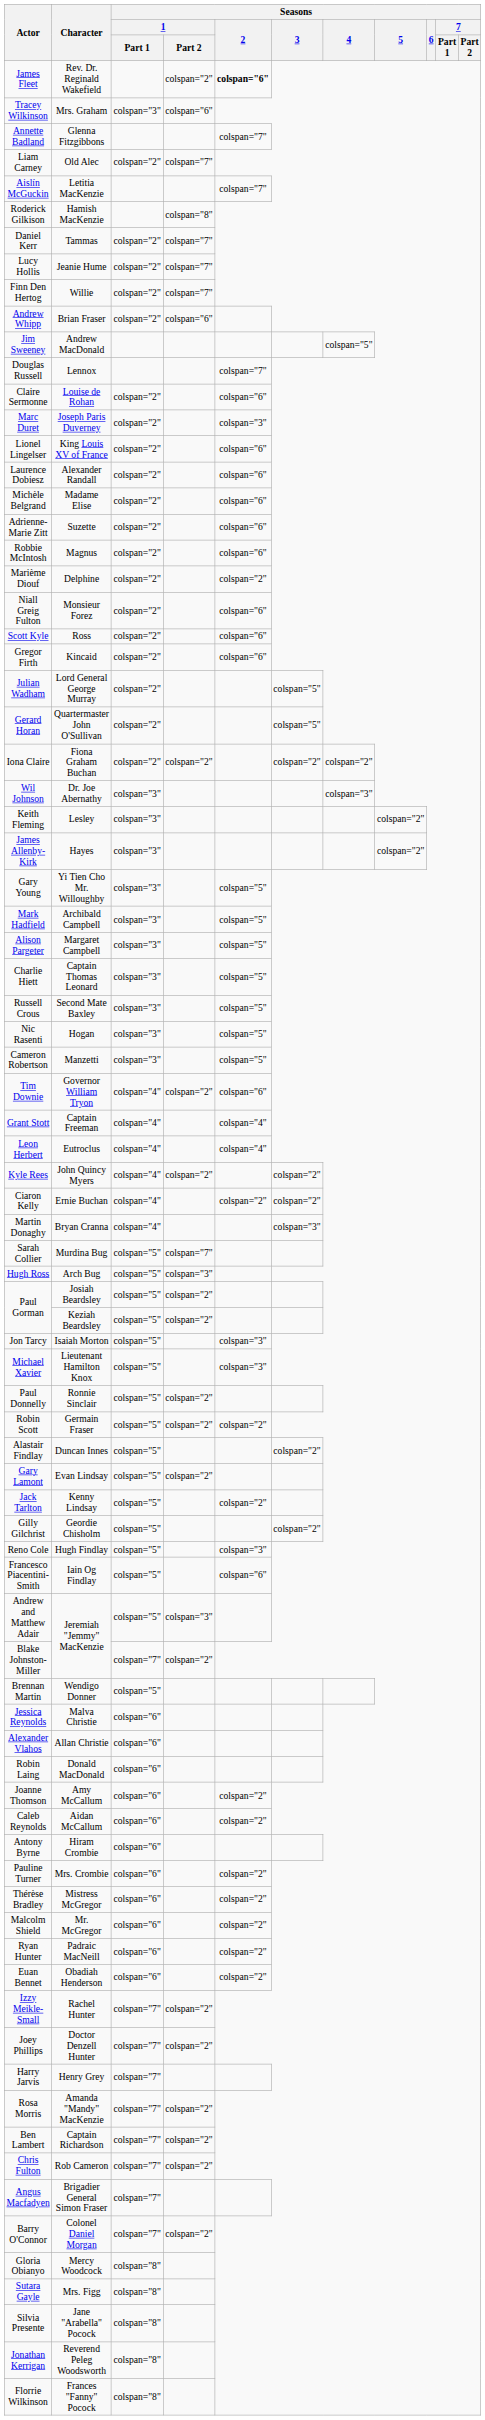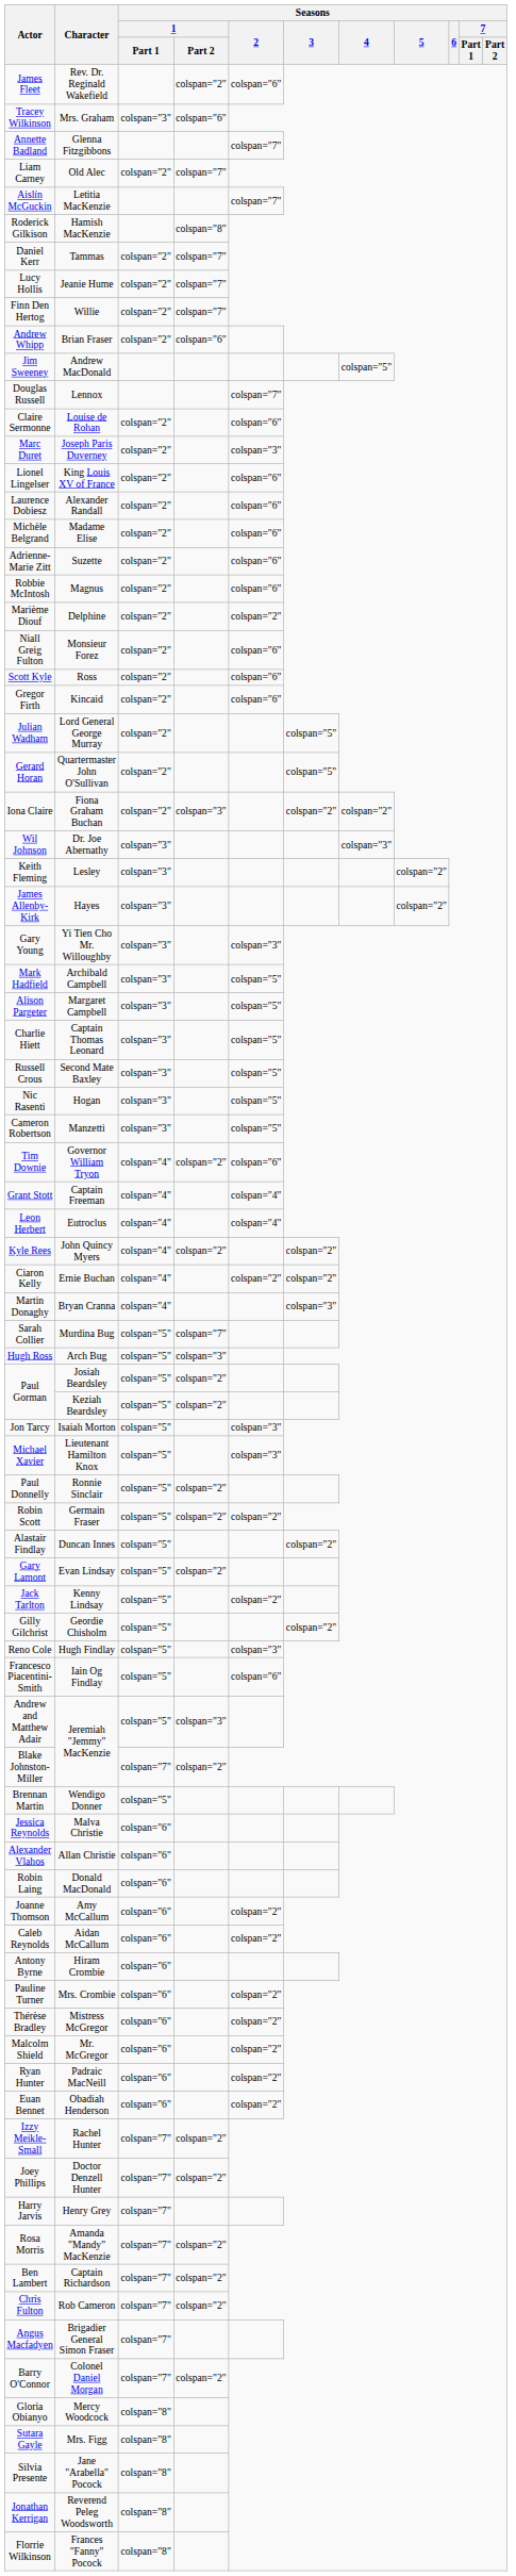 <table class="wikitable" style="text-align:center; width:85%;">
 <tr>
 <th rowspan="3" style="width:17%;">Actor</th>
 <th rowspan="3" style="width:20%;">Character</th>
 <th colspan="9">Seasons</th>
 </tr>
 <tr>
 <th colspan="2" style="width:14%;"><a href='#'>1</a></th>
 <th rowspan="2" style="width:7%;"><a href='#'>2</a></th>
 <th rowspan="2" style="width:7%;"><a href='#'>3</a></th>
 <th rowspan="2" style="width:7%;"><a href='#'>4</a></th>
 <th rowspan="2" style="width:7%;"><a href='#'>5</a></th>
 <th rowspan="2" style="width:7%;"><a href='#'>6</a></th>
 <th colspan="2" style="width:14%;"><a href='#'>7</a></th>
 </tr>
 <tr>
 <th style="width:7%">Part 1</th>
 <th style="width:7%">Part 2</th>
 <th style="width:7%">Part 1</th>
 <th style="width:7%">Part 2</th>
 </tr>
 <tr>
 <td><a href='#'>James Fleet</a></td>
 <td>Rev. Dr. Reginald Wakefield</td>
 <td></td>
 <td>colspan="2" </td>
-<td><strong>colspan="6" </strong></td>
+<td>colspan="6" </td>
 </tr>
 <tr>
 <td><a href='#'>Tracey Wilkinson</a></td>
 <td>Mrs. Graham</td>
 <td>colspan="3" </td>
 <td>colspan="6" </td>
 </tr>
 <tr>
 <td><a href='#'>Annette Badland</a></td>
 <td>Glenna Fitzgibbons</td>
 <td></td>
 <td></td>
 <td>colspan="7" </td>
 </tr>
 <tr>
 <td>Liam Carney</td>
 <td>Old Alec</td>
 <td>colspan="2" </td>
 <td>colspan="7" </td>
 </tr>
 <tr>
 <td><a href='#'>Aislín McGuckin</a></td>
 <td>Letitia MacKenzie</td>
 <td></td>
 <td></td>
 <td>colspan="7" </td>
 </tr>
 <tr>
 <td>Roderick Gilkison</td>
 <td>Hamish MacKenzie</td>
 <td></td>
 <td>colspan="8" </td>
 </tr>
 <tr>
 <td>Daniel Kerr</td>
 <td>Tammas</td>
 <td>colspan="2" </td>
 <td>colspan="7" </td>
 </tr>
 <tr>
 <td>Lucy Hollis</td>
 <td>Jeanie Hume</td>
 <td>colspan="2" </td>
 <td>colspan="7" </td>
 </tr>
 <tr>
 <td>Finn Den Hertog</td>
 <td>Willie</td>
 <td>colspan="2" </td>
 <td>colspan="7" </td>
 </tr>
 <tr>
 <td><a href='#'>Andrew Whipp</a></td>
 <td>Brian Fraser</td>
 <td>colspan="2" </td>
 <td>colspan="6" </td>
 <td></td>
 </tr>
 <tr>
 <td><a href='#'>Jim Sweeney</a></td>
 <td>Andrew MacDonald</td>
 <td></td>
 <td></td>
 <td></td>
 <td></td>
 <td>colspan="5" </td>
 </tr>
 <tr>
 <td>Douglas Russell</td>
 <td>Lennox</td>
 <td></td>
 <td></td>
 <td>colspan="7" </td>
 </tr>
 <tr>
 <td>Claire Sermonne</td>
 <td><a href='#'>Louise de Rohan</a></td>
 <td>colspan="2" </td>
 <td></td>
 <td>colspan="6" </td>
 </tr>
 <tr>
 <td><a href='#'>Marc Duret</a></td>
 <td><a href='#'>Joseph Paris Duverney</a></td>
 <td>colspan="2" </td>
 <td></td>
 <td>colspan="3" </td>
 </tr>
 <tr>
 <td>Lionel Lingelser</td>
 <td>King <a href='#'>Louis XV of France</a></td>
 <td>colspan="2" </td>
 <td></td>
 <td>colspan="6" </td>
 </tr>
 <tr>
 <td>Laurence Dobiesz</td>
 <td>Alexander Randall</td>
 <td>colspan="2" </td>
 <td></td>
 <td>colspan="6" </td>
 </tr>
 <tr>
 <td>Michèle Belgrand</td>
 <td>Madame Elise</td>
 <td>colspan="2" </td>
 <td></td>
 <td>colspan="6" </td>
 </tr>
 <tr>
 <td>Adrienne-Marie Zitt</td>
 <td>Suzette</td>
 <td>colspan="2" </td>
 <td></td>
 <td>colspan="6" </td>
 </tr>
 <tr>
 <td>Robbie McIntosh</td>
 <td>Magnus</td>
 <td>colspan="2" </td>
 <td></td>
 <td>colspan="6" </td>
 </tr>
 <tr>
 <td>Marième Diouf</td>
 <td>Delphine</td>
 <td>colspan="2" </td>
 <td></td>
 <td>colspan="2" </td>
 </tr>
 <tr>
 <td>Niall Greig Fulton</td>
 <td>Monsieur Forez</td>
 <td>colspan="2" </td>
 <td></td>
 <td>colspan="6" </td>
 </tr>
 <tr>
 <td><a href='#'>Scott Kyle</a></td>
 <td>Ross</td>
 <td>colspan="2" </td>
 <td></td>
 <td>colspan="6" </td>
 </tr>
 <tr>
 <td>Gregor Firth</td>
 <td>Kincaid</td>
 <td>colspan="2" </td>
 <td></td>
 <td>colspan="6" </td>
 </tr>
 <tr>
 <td><a href='#'>Julian Wadham</a></td>
 <td>Lord General George Murray</td>
 <td>colspan="2" </td>
 <td></td>
 <td></td>
 <td>colspan="5" </td>
 </tr>
 <tr>
 <td><a href='#'>Gerard Horan</a></td>
 <td>Quartermaster John O'Sullivan</td>
 <td>colspan="2" </td>
 <td></td>
 <td></td>
 <td>colspan="5" </td>
 </tr>
 <tr>
 <td>Iona Claire</td>
 <td>Fiona Graham Buchan</td>
 <td>colspan="2" </td>
-<td>colspan="2" </td>
+<td>colspan="3" </td>
 <td></td>
 <td>colspan="2" </td>
 <td>colspan="2" </td>
 </tr>
 <tr>
 <td><a href='#'>Wil Johnson</a></td>
 <td>Dr. Joe Abernathy</td>
 <td>colspan="3" </td>
 <td></td>
 <td></td>
 <td></td>
 <td>colspan="3" </td>
 </tr>
 <tr>
 <td>Keith Fleming</td>
 <td>Lesley</td>
 <td>colspan="3" </td>
 <td></td>
 <td></td>
 <td></td>
 <td></td>
 <td>colspan="2" </td>
 </tr>
 <tr>
 <td><a href='#'>James Allenby-Kirk</a></td>
 <td>Hayes</td>
 <td>colspan="3" </td>
 <td></td>
 <td></td>
 <td></td>
 <td></td>
 <td>colspan="2" </td>
 </tr>
 <tr>
 <td>Gary Young</td>
 <td>Yi Tien Cho  Mr. Willoughby</td>
 <td>colspan="3" </td>
 <td></td>
-<td>colspan="5" </td>
+<td>colspan="3" </td>
 </tr>
 <tr>
 <td><a href='#'>Mark Hadfield</a></td>
 <td>Archibald Campbell</td>
 <td>colspan="3" </td>
 <td></td>
 <td>colspan="5" </td>
 </tr>
 <tr>
 <td><a href='#'>Alison Pargeter</a></td>
 <td>Margaret Campbell</td>
 <td>colspan="3" </td>
 <td></td>
 <td>colspan="5" </td>
 </tr>
 <tr>
 <td>Charlie Hiett</td>
 <td>Captain Thomas Leonard</td>
 <td>colspan="3" </td>
 <td></td>
 <td>colspan="5" </td>
 </tr>
 <tr>
 <td>Russell Crous</td>
 <td>Second Mate Baxley</td>
 <td>colspan="3" </td>
 <td></td>
 <td>colspan="5" </td>
 </tr>
 <tr>
 <td>Nic Rasenti</td>
 <td>Hogan</td>
 <td>colspan="3" </td>
 <td></td>
 <td>colspan="5" </td>
 </tr>
 <tr>
 <td>Cameron Robertson</td>
 <td>Manzetti</td>
 <td>colspan="3" </td>
 <td></td>
 <td>colspan="5" </td>
 </tr>
 <tr>
 <td><a href='#'>Tim Downie</a></td>
 <td>Governor <a href='#'>William Tryon</a></td>
 <td>colspan="4" </td>
 <td>colspan="2" </td>
 <td>colspan="6" </td>
 </tr>
 <tr>
 <td><a href='#'>Grant Stott</a></td>
 <td>Captain Freeman</td>
 <td>colspan="4" </td>
 <td></td>
 <td>colspan="4" </td>
 </tr>
 <tr>
 <td><a href='#'>Leon Herbert</a></td>
 <td>Eutroclus</td>
 <td>colspan="4" </td>
 <td></td>
 <td>colspan="4" </td>
 </tr>
 <tr>
 <td><a href='#'>Kyle Rees</a></td>
 <td>John Quincy Myers</td>
 <td>colspan="4" </td>
 <td>colspan="2" </td>
 <td></td>
 <td>colspan="2" </td>
 </tr>
 <tr>
 <td>Ciaron Kelly</td>
 <td>Ernie Buchan</td>
 <td>colspan="4" </td>
 <td></td>
 <td>colspan="2" </td>
 <td>colspan="2" </td>
 </tr>
 <tr>
 <td>Martin Donaghy</td>
 <td>Bryan Cranna</td>
 <td>colspan="4" </td>
 <td></td>
 <td></td>
 <td>colspan="3" </td>
 </tr>
 <tr>
 <td>Sarah Collier</td>
 <td>Murdina Bug</td>
 <td>colspan="5" </td>
 <td>colspan="7" </td>
 <td></td>
 <td></td>
 </tr>
 <tr>
 <td><a href='#'>Hugh Ross</a></td>
 <td>Arch Bug</td>
 <td>colspan="5" </td>
 <td>colspan="3" </td>
 <td></td>
 </tr>
 <tr>
 <td rowspan="2">Paul Gorman</td>
 <td>Josiah Beardsley</td>
 <td>colspan="5" </td>
 <td>colspan="2" </td>
 <td></td>
 <td></td>
 </tr>
 <tr>
 <td>Keziah Beardsley</td>
 <td>colspan="5" </td>
 <td>colspan="2" </td>
 <td></td>
 <td></td>
 </tr>
 <tr>
 <td>Jon Tarcy</td>
 <td>Isaiah Morton</td>
 <td>colspan="5" </td>
 <td></td>
 <td>colspan="3" </td>
 </tr>
 <tr>
 <td><a href='#'>Michael Xavier</a></td>
 <td>Lieutenant Hamilton Knox</td>
 <td>colspan="5" </td>
 <td></td>
 <td>colspan="3" </td>
 </tr>
 <tr>
 <td>Paul Donnelly</td>
 <td>Ronnie Sinclair</td>
 <td>colspan="5" </td>
 <td>colspan="2" </td>
 <td></td>
 <td></td>
 </tr>
 <tr>
 <td>Robin Scott</td>
 <td>Germain Fraser</td>
 <td>colspan="5" </td>
 <td>colspan="2" </td>
 <td>colspan="2" </td>
 </tr>
 <tr>
 <td>Alastair Findlay</td>
 <td>Duncan Innes</td>
 <td>colspan="5" </td>
 <td></td>
 <td></td>
 <td>colspan="2" </td>
 </tr>
 <tr>
 <td><a href='#'>Gary Lamont</a></td>
 <td>Evan Lindsay</td>
 <td>colspan="5" </td>
 <td>colspan="2" </td>
 <td></td>
 <td></td>
 </tr>
 <tr>
 <td><a href='#'>Jack Tarlton</a></td>
 <td>Kenny Lindsay</td>
 <td>colspan="5" </td>
 <td></td>
 <td>colspan="2" </td>
 <td></td>
 </tr>
 <tr>
 <td>Gilly Gilchrist</td>
 <td>Geordie Chisholm</td>
 <td>colspan="5" </td>
 <td></td>
 <td></td>
 <td>colspan="2" </td>
 </tr>
 <tr>
 <td>Reno Cole</td>
 <td>Hugh Findlay</td>
 <td>colspan="5" </td>
 <td></td>
 <td>colspan="3" </td>
 </tr>
 <tr>
 <td>Francesco Piacentini-Smith</td>
 <td>Iain Og Findlay</td>
 <td>colspan="5" </td>
 <td></td>
 <td>colspan="6" </td>
 </tr>
 <tr>
 <td>Andrew and Matthew Adair</td>
 <td rowspan="2">Jeremiah "Jemmy" MacKenzie</td>
 <td>colspan="5" </td>
 <td>colspan="3" </td>
 <td></td>
 </tr>
 <tr>
 <td>Blake Johnston-Miller</td>
 <td>colspan="7" </td>
 <td>colspan="2" </td>
 </tr>
 <tr>
 <td>Brennan Martin</td>
 <td>Wendigo Donner</td>
 <td>colspan="5" </td>
 <td></td>
 <td></td>
 <td></td>
 <td></td>
 </tr>
 <tr>
 <td><a href='#'>Jessica Reynolds</a></td>
 <td>Malva Christie</td>
 <td>colspan="6" </td>
 <td></td>
 <td></td>
 <td></td>
 </tr>
 <tr>
 <td><a href='#'>Alexander Vlahos</a></td>
 <td>Allan Christie</td>
 <td>colspan="6" </td>
 <td></td>
 <td></td>
 <td></td>
 </tr>
 <tr>
 <td>Robin Laing</td>
 <td>Donald MacDonald</td>
 <td>colspan="6" </td>
 <td></td>
 <td></td>
 <td></td>
 </tr>
 <tr>
 <td>Joanne Thomson</td>
 <td>Amy McCallum</td>
 <td>colspan="6" </td>
 <td></td>
 <td>colspan="2" </td>
 </tr>
 <tr>
 <td>Caleb Reynolds</td>
 <td>Aidan McCallum</td>
 <td>colspan="6" </td>
 <td></td>
 <td>colspan="2" </td>
 </tr>
 <tr>
 <td>Antony Byrne</td>
 <td>Hiram Crombie</td>
 <td>colspan="6" </td>
 <td></td>
 <td></td>
 <td></td>
 </tr>
 <tr>
 <td>Pauline Turner</td>
 <td>Mrs. Crombie</td>
 <td>colspan="6" </td>
 <td></td>
 <td>colspan="2" </td>
 </tr>
 <tr>
 <td>Thérèse Bradley</td>
 <td>Mistress McGregor</td>
 <td>colspan="6" </td>
 <td></td>
 <td>colspan="2" </td>
 </tr>
 <tr>
 <td>Malcolm Shield</td>
 <td>Mr. McGregor</td>
 <td>colspan="6" </td>
 <td></td>
 <td>colspan="2" </td>
 </tr>
 <tr>
 <td>Ryan Hunter</td>
 <td>Padraic MacNeill</td>
 <td>colspan="6" </td>
 <td></td>
 <td>colspan="2" </td>
 </tr>
 <tr>
 <td>Euan Bennet</td>
 <td>Obadiah Henderson</td>
 <td>colspan="6" </td>
 <td></td>
 <td>colspan="2" </td>
 </tr>
 <tr>
 <td><a href='#'>Izzy Meikle-Small</a></td>
 <td>Rachel Hunter</td>
 <td>colspan="7" </td>
 <td>colspan="2" </td>
 </tr>
 <tr>
 <td>Joey Phillips</td>
 <td>Doctor Denzell Hunter</td>
 <td>colspan="7" </td>
 <td>colspan="2"</td>
 </tr>
 <tr>
 <td>Harry Jarvis</td>
 <td>Henry Grey</td>
 <td>colspan="7"</td>
 <td></td>
 <td></td>
 </tr>
 <tr>
 <td>Rosa Morris</td>
 <td>Amanda "Mandy" MacKenzie</td>
 <td>colspan="7" </td>
 <td>colspan="2"</td>
 </tr>
 <tr>
 <td>Ben Lambert</td>
 <td>Captain Richardson</td>
 <td>colspan="7" </td>
 <td>colspan="2" </td>
 </tr>
 <tr>
 <td><a href='#'>Chris Fulton</a></td>
 <td>Rob Cameron</td>
 <td>colspan="7" </td>
 <td>colspan="2" </td>
 </tr>
 <tr>
 <td><a href='#'>Angus Macfadyen</a></td>
 <td>Brigadier General Simon Fraser</td>
 <td>colspan="7" </td>
 <td></td>
 <td></td>
 </tr>
 <tr>
 <td>Barry O'Connor</td>
 <td>Colonel <a href='#'>Daniel Morgan</a></td>
 <td>colspan="7" </td>
 <td>colspan="2" </td>
 </tr>
 <tr>
 <td>Gloria Obianyo</td>
 <td>Mercy Woodcock</td>
 <td>colspan="8" </td>
 <td></td>
 </tr>
 <tr>
 <td><a href='#'>Sutara Gayle</a></td>
 <td>Mrs. Figg</td>
 <td>colspan="8" </td>
 <td></td>
 </tr>
 <tr>
 <td>Silvia Presente</td>
 <td>Jane "Arabella" Pocock</td>
 <td>colspan="8" </td>
 <td></td>
 </tr>
 <tr>
 <td><a href='#'>Jonathan Kerrigan</a></td>
 <td>Reverend Peleg Woodsworth</td>
 <td>colspan="8" </td>
 <td></td>
 </tr>
 <tr>
 <td>Florrie Wilkinson</td>
 <td>Frances "Fanny" Pocock</td>
 <td>colspan="8" </td>
 <td></td>
 </tr>
 </table>
